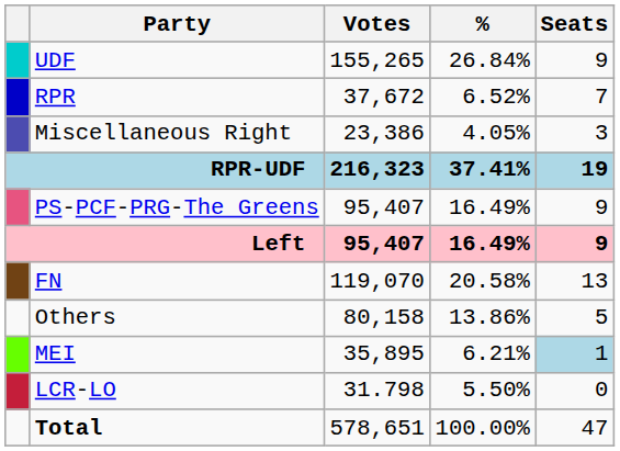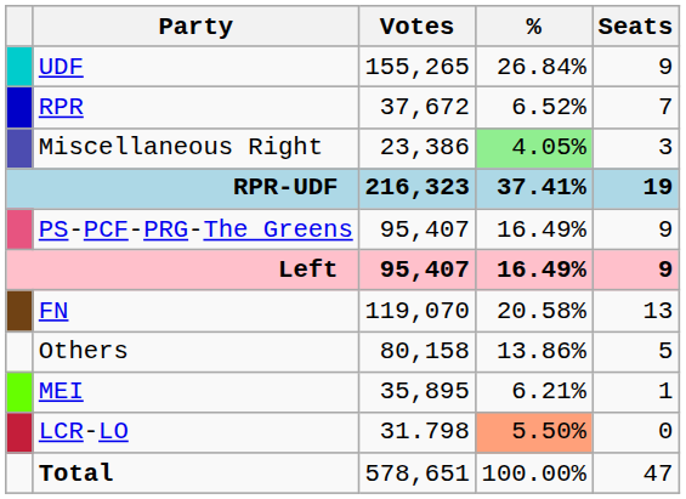 <table class="wikitable" style="text-align:right">
 <tr>
 <th></th>
 <th>Party</th>
 <th>Votes</th>
 <th>%</th>
 <th>Seats</th>
 </tr>
 <tr>
 <td bgcolor="#00CCCC"> </td>
 <td align=left><a href='#'>UDF</a></td>
 <td>155,265</td>
 <td>26.84%</td>
 <td>9</td>
 </tr>
 <tr>
 <td bgcolor="#0000c8"> </td>
 <td align=left><a href='#'>RPR</a></td>
 <td>37,672</td>
 <td>6.52%</td>
 <td>7</td>
 </tr>
 <tr>
 <td bgcolor="#4C4CB0"> </td>
 <td align=left>Miscellaneous Right</td>
 <td>23,386</td>
-<td>4.05%</td>
+<td style="background: lightgreen;">4.05%</td>
 <td>3</td>
 </tr>
 <tr bgcolor="lightblue">
 <td colspan=2><strong>RPR-UDF</strong> </td>
 <td><strong>216,323</strong></td>
 <td><strong>37.41%</strong></td>
 <td><strong>19</strong></td>
 </tr>
 <tr>
 <td bgcolor="#E75480"> </td>
 <td align=left><a href='#'>PS</a>-<a href='#'>PCF</a>-<a href='#'>PRG</a>-<a href='#'>The Greens</a></td>
 <td>95,407</td>
 <td>16.49%</td>
 <td>9</td>
 </tr>
 <tr bgcolor="pink">
 <td colspan=2><strong>Left</strong> </td>
 <td><strong>95,407</strong></td>
 <td><strong>16.49%</strong></td>
 <td><strong>9</strong></td>
 </tr>
 <tr>
 <td bgcolor="#704214"> </td>
 <td align=left><a href='#'>FN</a></td>
 <td>119,070</td>
 <td>20.58%</td>
 <td>13</td>
 </tr>
 <tr>
 <td></td>
 <td align=left>Others</td>
 <td>80,158</td>
 <td>13.86%</td>
 <td>5</td>
 </tr>
 <tr>
 <td bgcolor="#66FF00"> </td>
 <td align=left><a href='#'>MEI</a></td>
 <td>35,895</td>
 <td>6.21%</td>
-<td style="background: lightblue;">1</td>
+<td>1</td>
 </tr>
 <tr>
 <td bgcolor="#C41E3A"> </td>
 <td align=left><a href='#'>LCR</a>-<a href='#'>LO</a></td>
 <td>31.798</td>
-<td>5.50%</td>
+<td style="background: lightsalmon;">5.50%</td>
 <td>0</td>
 </tr>
 <tr>
 <td></td>
 <td align=left><strong>Total</strong></td>
 <td>578,651</td>
 <td>100.00%</td>
 <td>47</td>
 </tr>
 </table>
